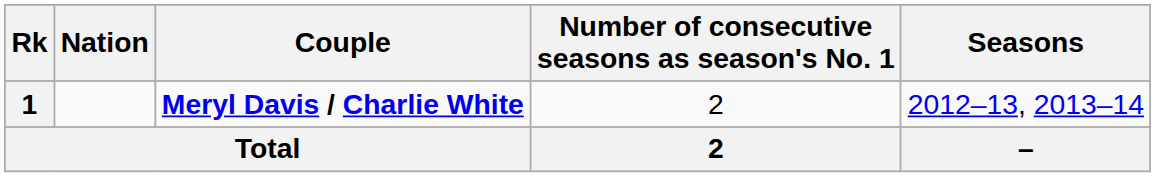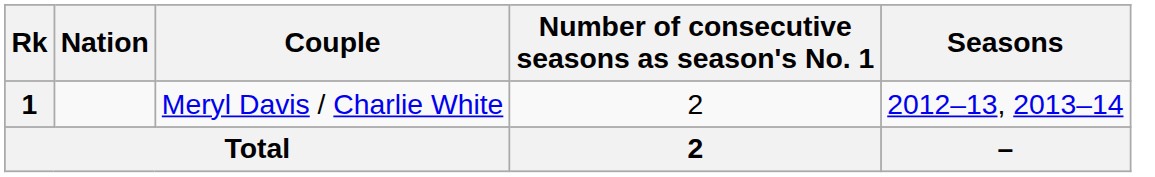 <table class="wikitable sortable">
 <tr>
 <th>Rk</th>
 <th>Nation</th>
 <th>Couple</th>
 <th>Number of consecutive<br>seasons as season's No. 1</th>
 <th>Seasons</th>
 </tr>
 <tr>
 <th>1</th>
 <td></td>
-<td><strong><a href='#'>Meryl Davis</a> / <a href='#'>Charlie White</a></strong></td>
+<td><a href='#'>Meryl Davis</a> / <a href='#'>Charlie White</a></td>
 <td style="text-align: center;">2</td>
 <td><a href='#'>2012–13</a>, <a href='#'>2013–14</a></td>
 </tr>
 <tr class="sortbottom">
 <th colspan="3">Total</th>
 <th>2</th>
 <th>–</th>
 </tr>
 </table>
